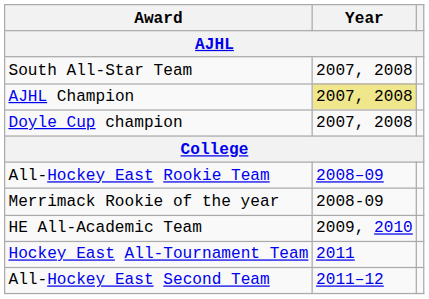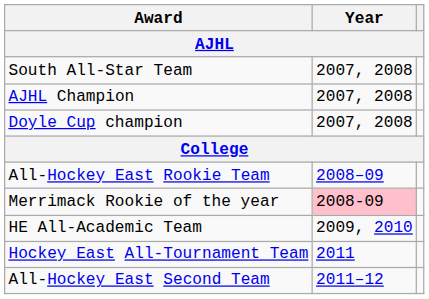 <table class="wikitable">
 <tr>
 <th>Award</th>
 <th>Year</th>
 <th></th>
 </tr>
 <tr>
 <th colspan="3"><a href='#'>AJHL</a></th>
 </tr>
 <tr>
 <td>South All-Star Team</td>
 <td>2007, 2008</td>
 <td></td>
 </tr>
 <tr>
 <td><a href='#'>AJHL</a> Champion</td>
-<td style="background: khaki;">2007, 2008</td>
+<td>2007, 2008</td>
 <td></td>
 </tr>
 <tr>
 <td><a href='#'>Doyle Cup</a> champion</td>
 <td>2007, 2008</td>
 <td></td>
 </tr>
 <tr>
 <th colspan="3"><a href='#'>College</a></th>
 </tr>
 <tr>
 <td>All-<a href='#'>Hockey East</a> <a href='#'>Rookie Team</a></td>
 <td><a href='#'>2008–09</a></td>
 <td></td>
 </tr>
 <tr>
 <td>Merrimack Rookie of the year</td>
-<td>2008-09</td>
+<td style="background: pink;">2008-09</td>
 <td></td>
 </tr>
 <tr>
 <td>HE All-Academic Team</td>
 <td>2009, <a href='#'>2010</a></td>
 <td></td>
 </tr>
 <tr>
 <td><a href='#'>Hockey East</a> <a href='#'>All-Tournament Team</a></td>
 <td><a href='#'>2011</a></td>
 <td></td>
 </tr>
 <tr>
 <td>All-<a href='#'>Hockey East</a> <a href='#'>Second Team</a></td>
 <td><a href='#'>2011–12</a></td>
 <td></td>
 </tr>
 </table>
